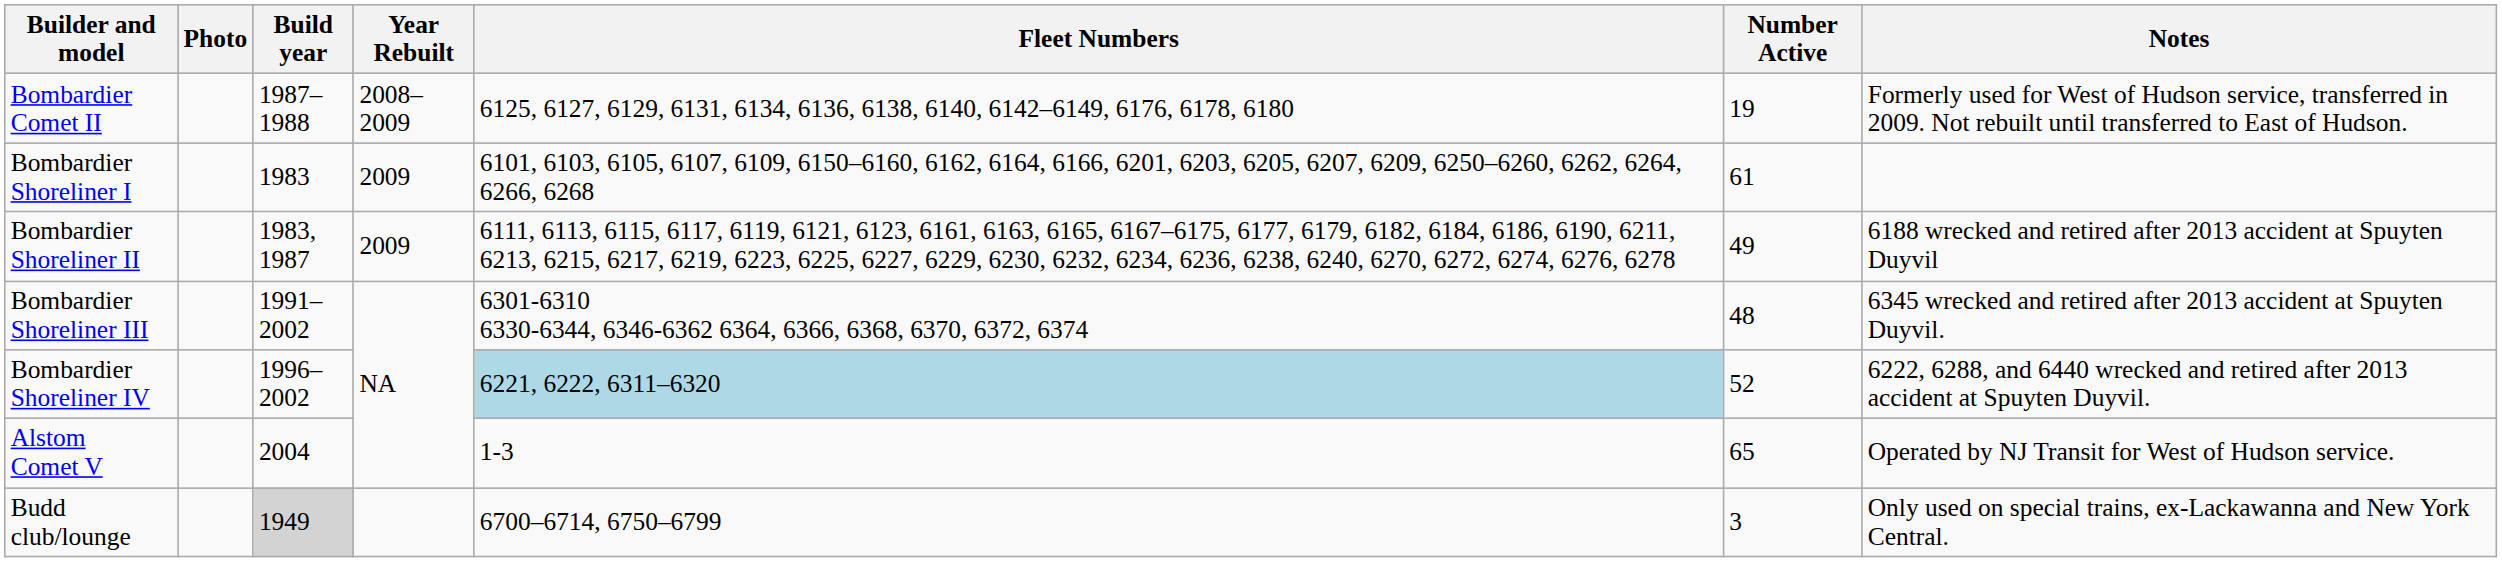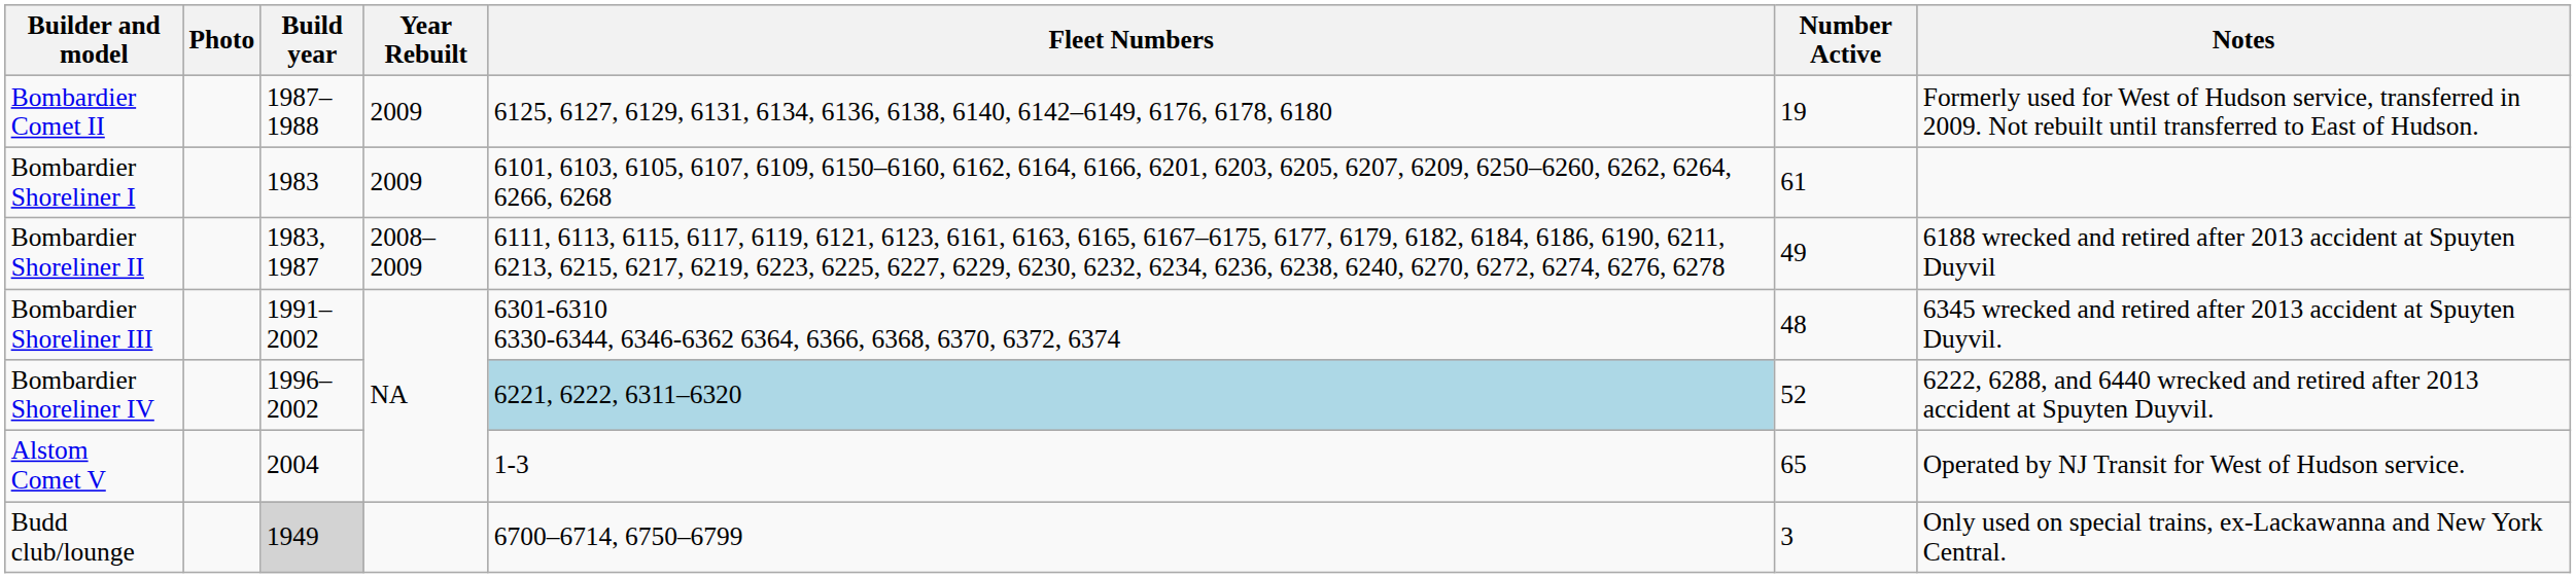 <table class="wikitable sortable" |>
 <tr>
 <th>Builder and model</th>
 <th>Photo</th>
 <th>Build<br>year</th>
 <th>Year Rebuilt</th>
 <th>Fleet Numbers</th>
 <th>Number Active</th>
 <th>Notes</th>
 </tr>
 <tr>
 <td><a href='#'>Bombardier</a><br><a href='#'>Comet II</a></td>
 <td></td>
 <td>1987–1988</td>
-<td>2008–2009</td>
+<td>2009</td>
 <td>6125, 6127, 6129, 6131, 6134, 6136, 6138, 6140, 6142–6149, 6176, 6178, 6180</td>
 <td>19</td>
 <td>Formerly used for West of Hudson service, transferred in 2009. Not rebuilt until transferred to East of Hudson.</td>
 </tr>
 <tr>
 <td>Bombardier<br><a href='#'>Shoreliner I</a></td>
 <td></td>
 <td>1983</td>
 <td>2009</td>
 <td>6101, 6103, 6105, 6107, 6109, 6150–6160, 6162, 6164, 6166, 6201, 6203, 6205, 6207, 6209, 6250–6260, 6262, 6264, 6266, 6268</td>
 <td>61</td>
 <td></td>
 </tr>
 <tr>
 <td>Bombardier<br><a href='#'>Shoreliner II</a></td>
 <td></td>
 <td>1983, 1987</td>
-<td>2009</td>
+<td>2008–2009</td>
 <td>6111, 6113, 6115, 6117, 6119, 6121, 6123, 6161, 6163, 6165, 6167–6175, 6177, 6179, 6182, 6184, 6186, 6190, 6211, 6213, 6215, 6217, 6219, 6223, 6225, 6227, 6229, 6230, 6232, 6234, 6236, 6238, 6240, 6270, 6272, 6274, 6276, 6278</td>
 <td>49</td>
 <td>6188 wrecked and retired after 2013 accident at Spuyten Duyvil</td>
 </tr>
 <tr>
 <td>Bombardier<br><a href='#'>Shoreliner III</a></td>
 <td></td>
 <td>1991–2002</td>
 <td rowspan="3">NA</td>
 <td>6301-6310<br>6330-6344, 6346-6362 6364, 6366, 6368, 6370, 6372, 6374</td>
 <td>48</td>
 <td>6345 wrecked and retired after 2013 accident at Spuyten Duyvil.</td>
 </tr>
 <tr>
 <td>Bombardier<br><a href='#'>Shoreliner IV</a></td>
 <td></td>
 <td>1996–2002</td>
 <td style="background: lightblue;">6221, 6222, 6311–6320</td>
 <td>52</td>
 <td>6222, 6288, and 6440 wrecked and retired after 2013 accident at Spuyten Duyvil.</td>
 </tr>
 <tr>
 <td><a href='#'>Alstom</a><br><a href='#'>Comet V</a></td>
 <td></td>
 <td>2004</td>
 <td>1-3</td>
 <td>65</td>
 <td>Operated by NJ Transit for West of Hudson service.</td>
 </tr>
 <tr>
 <td>Budd club/lounge</td>
 <td></td>
 <td style="background: lightgrey;">1949</td>
 <td></td>
 <td>6700–6714, 6750–6799</td>
 <td>3</td>
 <td>Only used on special trains, ex-Lackawanna and New York Central.</td>
 </tr>
 </table>
